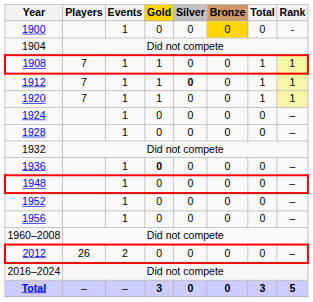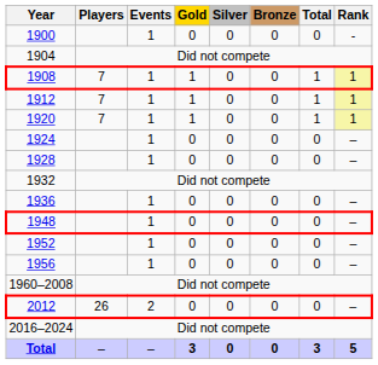 <table class="wikitable sortable collapsible collapsed">
 <tr>
 <th>Year</th>
 <th>Players</th>
 <th>Events</th>
 <th style="text-align:center; background-color:gold;"><strong>Gold</strong></th>
 <th style="text-align:center; background-color:silver;"><strong>Silver</strong></th>
 <th style="text-align:center; background-color:#c96;"><strong>Bronze</strong></th>
 <th>Total</th>
 <th>Rank</th>
 </tr>
 <tr style="text-align:center">
 <td><a href='#'>1900</a></td>
 <td></td>
 <td>1</td>
 <td>0</td>
 <td>0</td>
-<td style="background: gold;">0</td>
+<td>0</td>
 <td>0</td>
 <td>-</td>
 </tr>
 <tr style="text-align:center">
 <td>1904</td>
 <td colspan=7>Did not compete</td>
 </tr>
 <tr style="text-align:center;border: 3px solid red">
 <td><a href='#'>1908</a></td>
 <td>7</td>
 <td>1</td>
 <td>1</td>
 <td>0</td>
 <td>0</td>
 <td>1</td>
 <td style="background-color:#F7F6A8">1</td>
 </tr>
 <tr style="text-align:center">
 <td><a href='#'>1912</a></td>
 <td>7</td>
 <td>1</td>
 <td>1</td>
-<td><strong>0</strong></td>
+<td>0</td>
 <td>0</td>
 <td>1</td>
 <td style="background-color:#F7F6A8">1</td>
 </tr>
 <tr style="text-align:center">
 <td><a href='#'>1920</a></td>
 <td>7</td>
 <td>1</td>
 <td>1</td>
 <td>0</td>
 <td>0</td>
 <td>1</td>
 <td style="background-color:#F7F6A8">1</td>
 </tr>
 <tr style="text-align:center">
 <td><a href='#'>1924</a></td>
 <td></td>
 <td>1</td>
 <td>0</td>
 <td>0</td>
 <td>0</td>
 <td>0</td>
 <td>–</td>
 </tr>
 <tr style="text-align:center">
 <td><a href='#'>1928</a></td>
 <td></td>
 <td>1</td>
 <td>0</td>
 <td>0</td>
 <td>0</td>
 <td>0</td>
 <td>–</td>
 </tr>
 <tr style="text-align:center">
 <td>1932</td>
 <td colspan=7>Did not compete</td>
 </tr>
 <tr style="text-align:center">
 <td><a href='#'>1936</a></td>
 <td></td>
 <td>1</td>
-<td><strong>0</strong></td>
+<td>0</td>
 <td>0</td>
 <td>0</td>
 <td>0</td>
 <td>–</td>
 </tr>
 <tr style="text-align:center;border: 3px solid red">
 <td><a href='#'>1948</a></td>
 <td></td>
 <td>1</td>
 <td>0</td>
 <td>0</td>
 <td>0</td>
 <td>0</td>
 <td>–</td>
 </tr>
 <tr style="text-align:center">
 <td><a href='#'>1952</a></td>
 <td></td>
 <td>1</td>
 <td>0</td>
 <td>0</td>
 <td>0</td>
 <td>0</td>
 <td>–</td>
 </tr>
 <tr style="text-align:center">
 <td><a href='#'>1956</a></td>
 <td></td>
 <td>1</td>
 <td>0</td>
 <td>0</td>
 <td>0</td>
 <td>0</td>
 <td>–</td>
 </tr>
 <tr style="text-align:center">
 <td>1960–2008</td>
 <td colspan=7>Did not compete</td>
 </tr>
 <tr style="text-align:center;border: 3px solid red">
 <td><a href='#'>2012</a></td>
 <td>26</td>
 <td>2</td>
 <td>0</td>
 <td>0</td>
 <td>0</td>
 <td>0</td>
 <td>–</td>
 </tr>
 <tr style="text-align:center">
 <td>2016–2024</td>
 <td colspan=7>Did not compete</td>
 </tr>
 <tr style="text-align:center; background-color:#ccf;">
 <td><strong><a href='#'>Total</a></strong></td>
 <td>–</td>
 <td>–</td>
 <td><strong>3</strong></td>
 <td><strong>0</strong></td>
 <td><strong>0</strong></td>
 <td><strong>3</strong></td>
 <td><strong>5</strong></td>
 </tr>
 </table>
